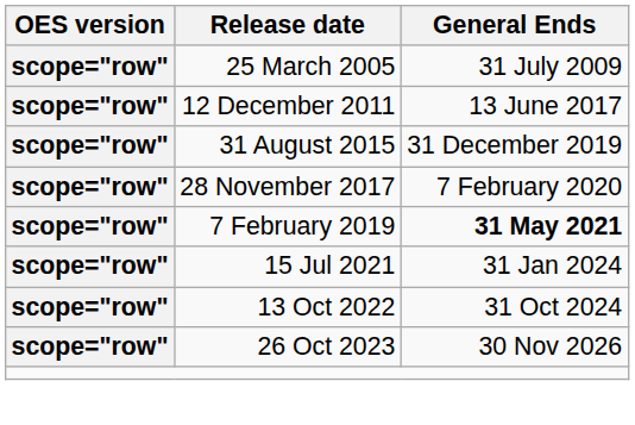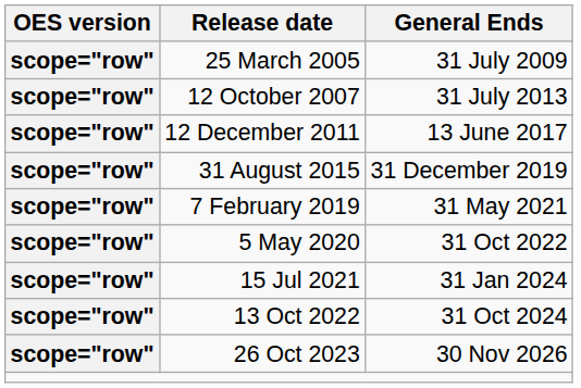 <table class="wikitable sortable" style="text-align:right;">
 <tr>
 <th scope="col">OES version</th>
 <th scope="col">Release date</th>
 <th scope="col">General Ends </th>
 </tr>
 <tr>
 <th>scope="row" </th>
 <td>25 March 2005</td>
 <td>31 July 2009</td>
 </tr>
 <tr>
 <th>scope="row" </th>
+<td>12 October 2007</td>
+<td>31 July 2013</td>
+</tr>
+<tr>
+<th>scope="row" </th>
 <td>12 December 2011</td>
 <td>13 June 2017</td>
 </tr>
 <tr>
 <th>scope="row" </th>
 <td>31 August 2015</td>
 <td>31 December 2019</td>
 </tr>
 <tr>
 <th>scope="row" </th>
-<td>28 November 2017</td>
-<td>7 February 2020</td>
+<td>7 February 2019</td>
+<td>31 May 2021</td>
 </tr>
 <tr>
 <th>scope="row" </th>
-<td>7 February 2019</td>
-<td><strong>31 May 2021</strong></td>
+<td>5 May 2020</td>
+<td>31 Oct 2022</td>
 </tr>
 <tr>
 <th>scope="row" </th>
 <td>15 Jul 2021</td>
 <td>31 Jan 2024</td>
 </tr>
 <tr>
 <th>scope="row" </th>
 <td>13 Oct 2022</td>
 <td>31 Oct 2024</td>
 </tr>
 <tr>
 <th>scope="row" </th>
 <td>26 Oct 2023</td>
 <td>30 Nov 2026</td>
 </tr>
 <tr>
 <td colspan="3"></td>
 </tr>
 </table>
